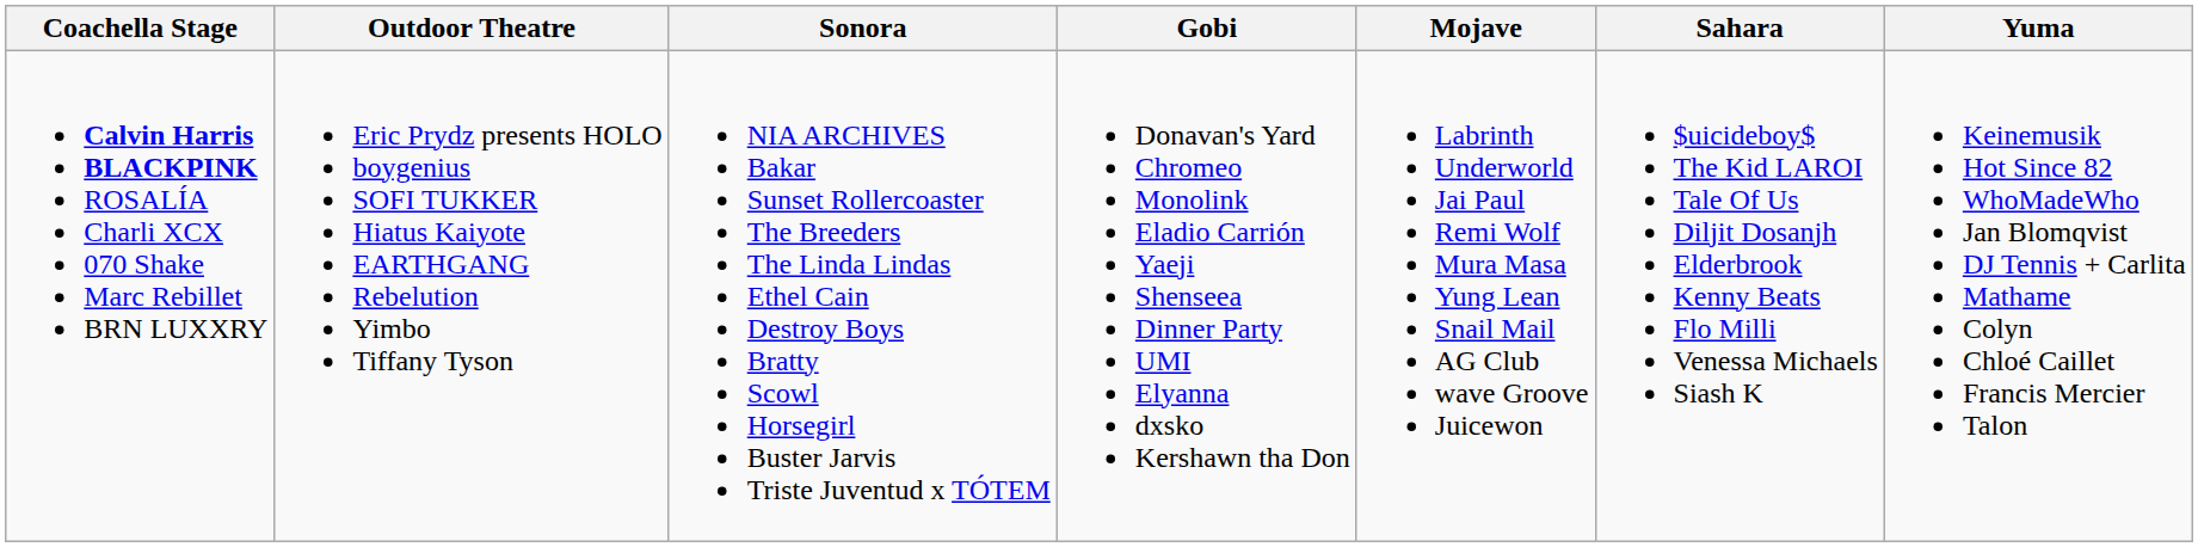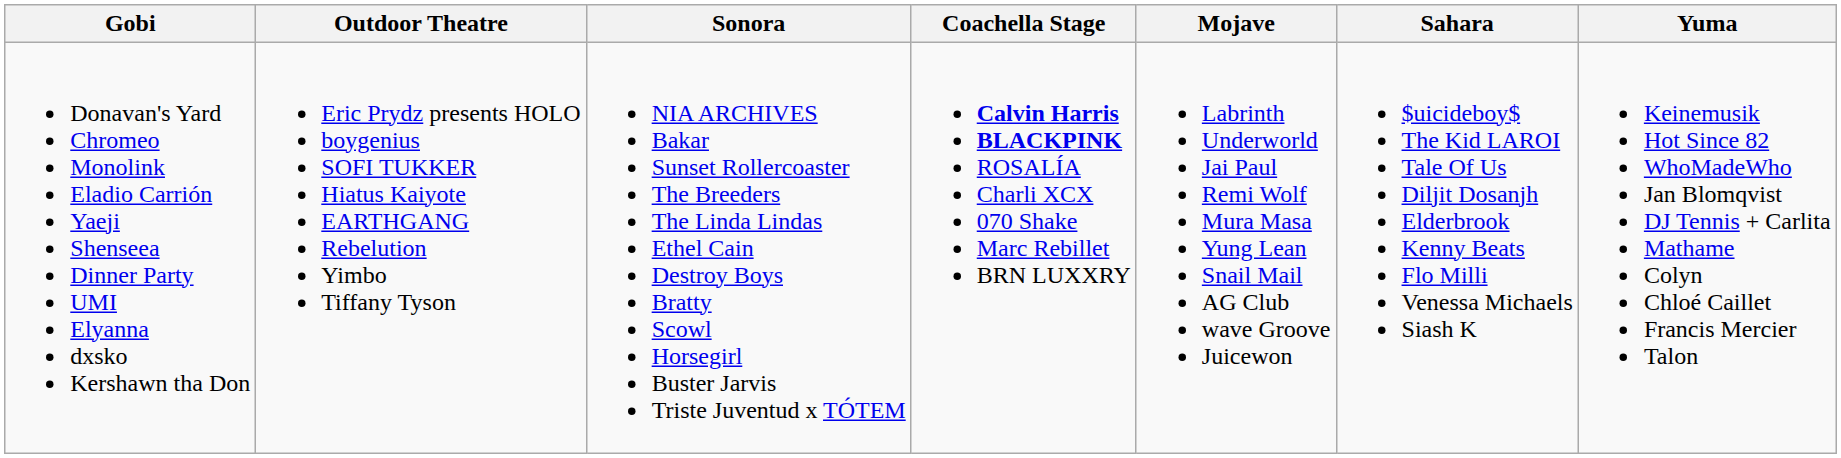 <table class="wikitable">
 <tr>
-<th>Coachella Stage</th>
+<th>Gobi</th>
 <th>Outdoor Theatre</th>
 <th>Sonora</th>
-<th>Gobi</th>
+<th>Coachella Stage</th>
 <th>Mojave</th>
 <th>Sahara</th>
 <th>Yuma</th>
 </tr>
 <tr valign="top">
-<td><br><ul><li><strong><a href='#'>Calvin Harris</a></strong></li><li><strong><a href='#'>BLACKPINK</a></strong></li><li><a href='#'>ROSALÍA</a></li><li><a href='#'>Charli XCX</a></li><li><a href='#'>070 Shake</a></li><li><a href='#'>Marc Rebillet</a></li><li>BRN LUXXRY </li></ul></td>
+<td><br><ul><li>Donavan's Yard</li><li><a href='#'>Chromeo</a></li><li><a href='#'>Monolink</a></li><li><a href='#'>Eladio Carrión</a></li><li><a href='#'>Yaeji</a></li><li><a href='#'>Shenseea</a></li><li><a href='#'>Dinner Party</a></li><li><a href='#'>UMI</a></li><li><a href='#'>Elyanna</a></li><li>dxsko </li><li>Kershawn tha Don </li></ul></td>
 <td><br><ul><li><a href='#'>Eric Prydz</a> presents HOLO</li><li><a href='#'>boygenius</a></li><li><a href='#'>SOFI TUKKER</a></li><li><a href='#'>Hiatus Kaiyote</a></li><li><a href='#'>EARTHGANG</a></li><li><a href='#'>Rebelution</a></li><li>Yimbo </li><li>Tiffany Tyson </li></ul></td>
 <td><br><ul><li><a href='#'>NIA ARCHIVES</a></li><li><a href='#'>Bakar</a></li><li><a href='#'>Sunset Rollercoaster</a></li><li><a href='#'>The Breeders</a></li><li><a href='#'>The Linda Lindas</a></li><li><a href='#'>Ethel Cain</a></li><li><a href='#'>Destroy Boys</a></li><li><a href='#'>Bratty</a></li><li><a href='#'>Scowl</a></li><li><a href='#'>Horsegirl</a></li><li>Buster Jarvis </li><li>Triste Juventud x <a href='#'>TÓTEM</a> </li></ul></td>
-<td><br><ul><li>Donavan's Yard</li><li><a href='#'>Chromeo</a></li><li><a href='#'>Monolink</a></li><li><a href='#'>Eladio Carrión</a></li><li><a href='#'>Yaeji</a></li><li><a href='#'>Shenseea</a></li><li><a href='#'>Dinner Party</a></li><li><a href='#'>UMI</a></li><li><a href='#'>Elyanna</a></li><li>dxsko </li><li>Kershawn tha Don </li></ul></td>
+<td><br><ul><li><strong><a href='#'>Calvin Harris</a></strong></li><li><strong><a href='#'>BLACKPINK</a></strong></li><li><a href='#'>ROSALÍA</a></li><li><a href='#'>Charli XCX</a></li><li><a href='#'>070 Shake</a></li><li><a href='#'>Marc Rebillet</a></li><li>BRN LUXXRY </li></ul></td>
 <td><br><ul><li><a href='#'>Labrinth</a></li><li><a href='#'>Underworld</a></li><li><a href='#'>Jai Paul</a></li><li><a href='#'>Remi Wolf</a></li><li><a href='#'>Mura Masa</a></li><li><a href='#'>Yung Lean</a></li><li><a href='#'>Snail Mail</a></li><li>AG Club</li><li>wave Groove </li><li>Juicewon </li></ul></td>
 <td><br><ul><li><a href='#'>$uicideboy$</a></li><li><a href='#'>The Kid LAROI</a></li><li><a href='#'>Tale Of Us</a></li><li><a href='#'>Diljit Dosanjh</a></li><li><a href='#'>Elderbrook</a></li><li><a href='#'>Kenny Beats</a></li><li><a href='#'>Flo Milli</a></li><li>Venessa Michaels </li><li>Siash K </li></ul></td>
 <td><br><ul><li><a href='#'>Keinemusik</a></li><li><a href='#'>Hot Since 82</a></li><li><a href='#'>WhoMadeWho</a></li><li>Jan Blomqvist</li><li><a href='#'>DJ Tennis</a> + Carlita</li><li><a href='#'>Mathame</a></li><li>Colyn</li><li>Chloé Caillet</li><li>Francis Mercier</li><li>Talon</li></ul></td>
 </tr>
 </table>
